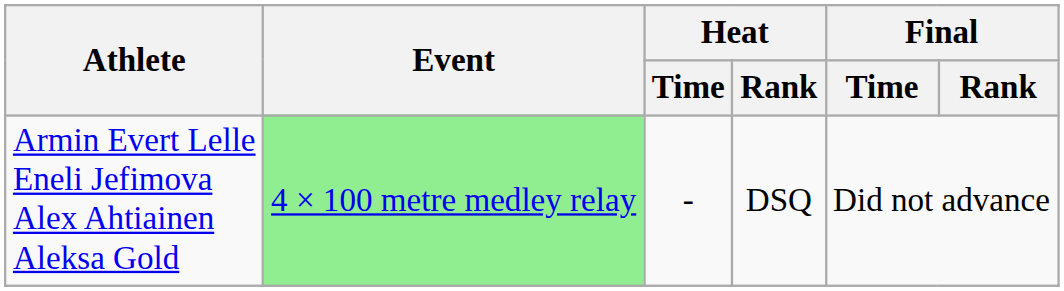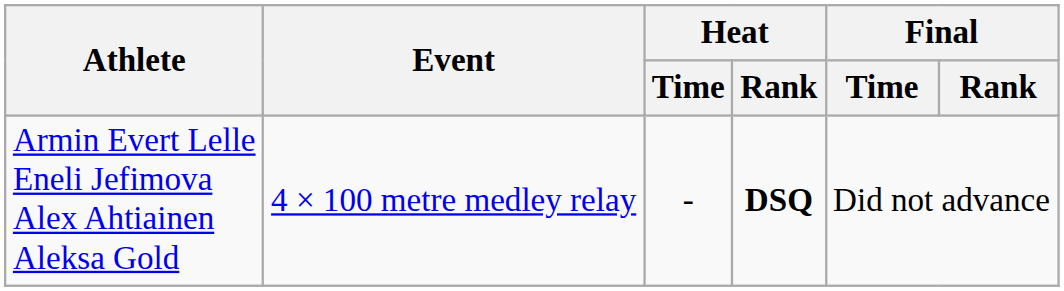 <table class="wikitable" style="font-size:90%;">
 <tr>
 <th rowspan="2">Athlete</th>
 <th rowspan="2">Event</th>
 <th colspan="2">Heat</th>
 <th colspan="2">Final</th>
 </tr>
 <tr>
 <th>Time</th>
 <th>Rank</th>
 <th>Time</th>
 <th>Rank</th>
 </tr>
 <tr align="center">
 <td align="left"><a href='#'>Armin Evert Lelle</a><br><a href='#'>Eneli Jefimova</a><br><a href='#'>Alex Ahtiainen</a><br><a href='#'>Aleksa Gold</a></td>
-<td align="left" style="background: lightgreen;"><a href='#'>4 × 100 metre medley relay</a></td>
+<td align="left"><a href='#'>4 × 100 metre medley relay</a></td>
 <td>-</td>
-<td>DSQ</td>
+<td><strong>DSQ</strong></td>
 <td colspan=2>Did not advance</td>
 </tr>
 </table>
